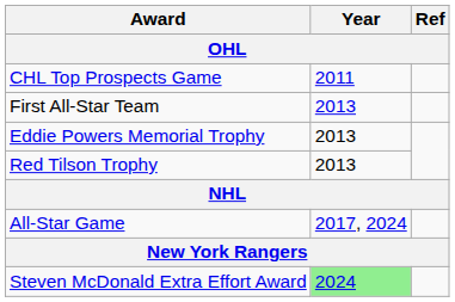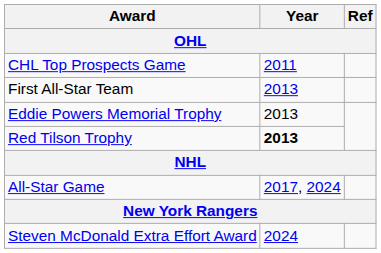 <table class="wikitable">
 <tr>
 <th>Award</th>
 <th>Year</th>
 <th>Ref</th>
 </tr>
 <tr>
 <th colspan="3"><a href='#'>OHL</a></th>
 </tr>
 <tr>
 <td><a href='#'>CHL Top Prospects Game</a></td>
 <td><a href='#'>2011</a></td>
 <td></td>
 </tr>
 <tr>
 <td>First All-Star Team</td>
 <td><a href='#'>2013</a></td>
 <td></td>
 </tr>
 <tr>
 <td><a href='#'>Eddie Powers Memorial Trophy</a></td>
 <td>2013</td>
 <td rowspan="2"></td>
 </tr>
 <tr>
 <td><a href='#'>Red Tilson Trophy</a></td>
-<td>2013</td>
+<td><strong>2013</strong></td>
 </tr>
 <tr>
 <th colspan="3"><a href='#'>NHL</a></th>
 </tr>
 <tr>
 <td><a href='#'>All-Star Game</a></td>
 <td><a href='#'>2017</a>, <a href='#'>2024</a></td>
 <td></td>
 </tr>
 <tr>
 <th colspan="3"><a href='#'>New York Rangers</a></th>
 </tr>
 <tr>
 <td><a href='#'>Steven McDonald Extra Effort Award</a></td>
-<td style="background: lightgreen;"><a href='#'>2024</a></td>
+<td><a href='#'>2024</a></td>
 <td></td>
 </tr>
 </table>
